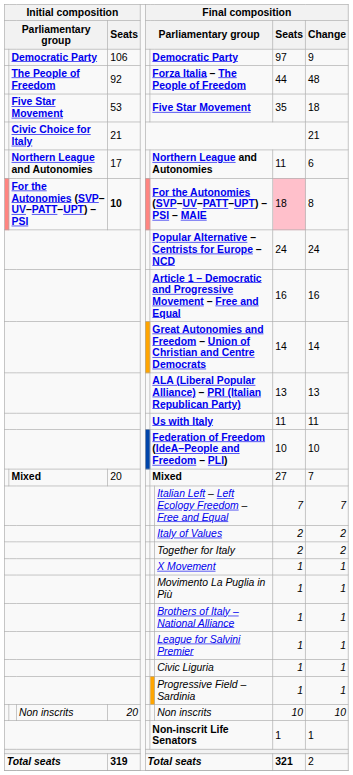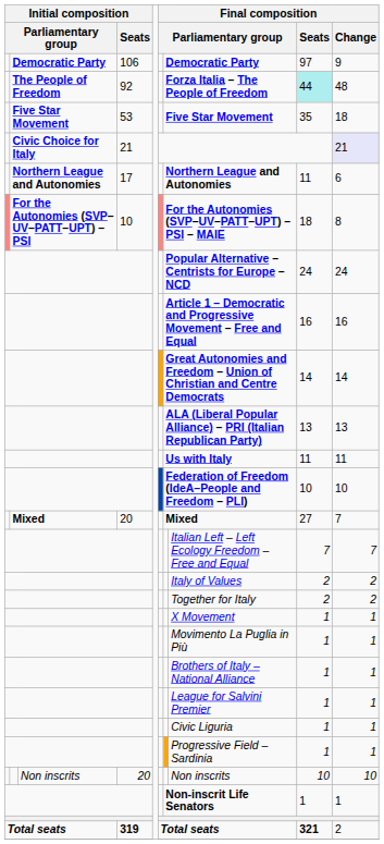 <table class="wikitable" style="width : 60%;">
 <tr>
 <th colspan="4">Initial composition</th>
 <td rowspan="30" style="width : 1%;"></td>
 <th colspan="5">Final composition</th>
 </tr>
 <tr>
 <th colspan="3">Parliamentary group</th>
 <th>Seats</th>
 <th colspan="3">Parliamentary group</th>
 <th>Seats</th>
 <th>Change</th>
 </tr>
 <tr>
 <td></td>
 <td colspan = "2"><strong><a href='#'>Democratic Party</a></strong></td>
 <td>106</td>
 <td></td>
 <td colspan = "2"><strong><a href='#'>Democratic Party</a></strong></td>
 <td>97</td>
 <td> 9</td>
 </tr>
 <tr>
 <td></td>
 <td colspan = "2"><strong><a href='#'>The People of Freedom</a></strong></td>
 <td>92</td>
 <td></td>
 <td colspan = "2"><strong><a href='#'>Forza Italia</a> – <a href='#'>The People of Freedom</a></strong></td>
-<td>44</td>
+<td style="background: paleturquoise;">44</td>
 <td> 48</td>
 </tr>
 <tr>
 <td></td>
 <td colspan = "2"><strong><a href='#'>Five Star Movement</a></strong></td>
 <td>53</td>
 <td></td>
 <td colspan = "2"><strong><a href='#'>Five Star Movement</a></strong></td>
 <td>35</td>
 <td> 18</td>
 </tr>
 <tr>
 <td></td>
 <td colspan = "2"><strong><a href='#'>Civic Choice for Italy</a></strong></td>
 <td>21</td>
 <td colspan = "4"></td>
-<td> 21</td>
+<td style="background: lavender;"> 21</td>
 </tr>
 <tr>
 <td></td>
 <td colspan = "2"><strong><a href='#'>Northern League</a> and Autonomies</strong></td>
 <td>17</td>
 <td></td>
 <td colspan = "2"><strong><a href='#'>Northern League</a> and Autonomies</strong></td>
 <td>11</td>
 <td> 6</td>
 </tr>
 <tr>
 <td bgcolor="#FF8581" width=1%></td>
 <td colspan = "2"><strong><a href='#'>For the Autonomies</a> (<a href='#'>SVP</a>–<a href='#'>UV</a>–<a href='#'>PATT</a>–<a href='#'>UPT</a>) – <a href='#'>PSI</a></strong></td>
-<td><strong>10</strong></td>
+<td>10</td>
 <td bgcolor="#FF8581" width=1%></td>
 <td colspan = "2"><strong><a href='#'>For the Autonomies</a> (<a href='#'>SVP</a>–<a href='#'>UV</a>–<a href='#'>PATT</a>–<a href='#'>UPT</a>) – <a href='#'>PSI</a> – <a href='#'>MAIE</a></strong></td>
-<td style="background: pink;">18</td>
+<td>18</td>
 <td> 8</td>
 </tr>
 <tr>
 <td colspan = "4"></td>
 <td></td>
 <td colspan = "2"><strong><a href='#'>Popular Alternative</a> – <a href='#'>Centrists for Europe</a> – <a href='#'>NCD</a></strong></td>
 <td>24</td>
 <td> 24</td>
 </tr>
 <tr>
 <td colspan = "4"></td>
 <td></td>
 <td colspan = "2"><strong><a href='#'>Article 1 – Democratic and Progressive Movement</a> – <a href='#'>Free and Equal</a></strong></td>
 <td>16</td>
 <td> 16</td>
 </tr>
 <tr>
 <td colspan = "4"></td>
 <td bgcolor="orange" width=1%></td>
 <td colspan = "2"><strong><a href='#'>Great Autonomies and Freedom</a> – <a href='#'>Union of Christian and Centre Democrats</a></strong></td>
 <td>14</td>
 <td> 14</td>
 </tr>
 <tr>
 <td colspan = "4"></td>
 <td></td>
 <td colspan = "2"><strong><a href='#'>ALA (Liberal Popular Alliance)</a> – <a href='#'>PRI (Italian Republican Party)</a></strong></td>
 <td>13</td>
 <td> 13</td>
 </tr>
 <tr>
 <td colspan = "4"></td>
 <td></td>
 <td colspan = "2"><strong><a href='#'>Us with Italy</a></strong></td>
 <td>11</td>
 <td> 11</td>
 </tr>
 <tr>
 <td colspan = "4"></td>
 <td bgcolor="#0045AA" width=1%></td>
 <td colspan = "2"><strong><a href='#'>Federation of Freedom</a> (<a href='#'>IdeA–People and Freedom</a> – <a href='#'>PLI</a>)</strong></td>
 <td>10</td>
 <td> 10</td>
 </tr>
 <tr>
 <td></td>
 <td colspan = "2"><strong>Mixed</strong></td>
 <td>20</td>
 <td></td>
 <td colspan = "2"><strong>Mixed</strong></td>
 <td>27</td>
 <td> 7</td>
 </tr>
 <tr>
 <td colspan = "4"></td>
 <td></td>
 <td></td>
 <td><em><a href='#'>Italian Left</a> – <a href='#'>Left Ecology Freedom</a> – <a href='#'>Free and Equal</a></em></td>
 <td align="right"><em>7</em></td>
 <td align="right"> <em>7</em></td>
 </tr>
 <tr>
 <td colspan = "4"></td>
 <td></td>
 <td></td>
 <td><em><a href='#'>Italy of Values</a></em></td>
 <td align="right"><em>2</em></td>
 <td align="right"> <em>2</em></td>
 </tr>
 <tr>
 <td colspan = "4"></td>
 <td></td>
 <td></td>
 <td><em>Together for Italy</em></td>
 <td align="right"><em>2</em></td>
 <td align="right"> <em>2</em></td>
 </tr>
 <tr>
 <td colspan = "4"></td>
 <td></td>
 <td></td>
 <td><em><a href='#'>X Movement</a></em></td>
 <td align="right"><em>1</em></td>
 <td align="right"> <em>1</em></td>
 </tr>
 <tr>
 <td colspan = "4"></td>
 <td></td>
 <td></td>
 <td><em>Movimento La Puglia in Più</em></td>
 <td align="right"><em>1</em></td>
 <td align="right"> <em>1</em></td>
 </tr>
 <tr>
 <td colspan = "4"></td>
 <td></td>
 <td></td>
 <td><em><a href='#'>Brothers of Italy – National Alliance</a></em></td>
 <td align="right"><em>1</em></td>
 <td align="right"> <em>1</em></td>
 </tr>
 <tr>
 <td colspan = "4"></td>
 <td></td>
 <td></td>
 <td><em><a href='#'>League for Salvini Premier</a></em></td>
 <td align="right"><em>1</em></td>
 <td align="right"> <em>1</em></td>
 </tr>
 <tr>
 <td colspan = "4"></td>
 <td></td>
 <td></td>
 <td><em>Civic Liguria</em></td>
 <td align="right"><em>1</em></td>
 <td align="right"> <em>1</em></td>
 </tr>
 <tr>
 <td colspan = "4"></td>
 <td></td>
 <td bgcolor="orange" width=1%></td>
 <td><em>Progressive Field – Sardinia</em></td>
 <td align="right"><em>1</em></td>
 <td align="right"> <em>1</em></td>
 </tr>
 <tr>
 <td></td>
 <td></td>
 <td><em>Non inscrits</em></td>
 <td align="right"><em>20</em></td>
 <td></td>
 <td></td>
 <td><em>Non inscrits</em></td>
 <td align="right"><em>10</em></td>
 <td align="right"> <em>10</em></td>
 </tr>
 <tr>
 <td colspan = "4"></td>
 <td></td>
 <td colspan = "2"><strong>Non-inscrit Life Senators</strong></td>
 <td>1</td>
 <td> 1</td>
 </tr>
 <tr>
 <th colspan="4"></th>
 <th colspan="5"></th>
 </tr>
 <tr>
 <td colspan="3"><strong><em>Total seats</em></strong></td>
 <td><strong>319</strong></td>
 <td colspan="3"><strong><em>Total seats</em></strong></td>
 <td><strong>321</strong></td>
 <td> 2</td>
 </tr>
 <tr>
 </tr>
 </table>
